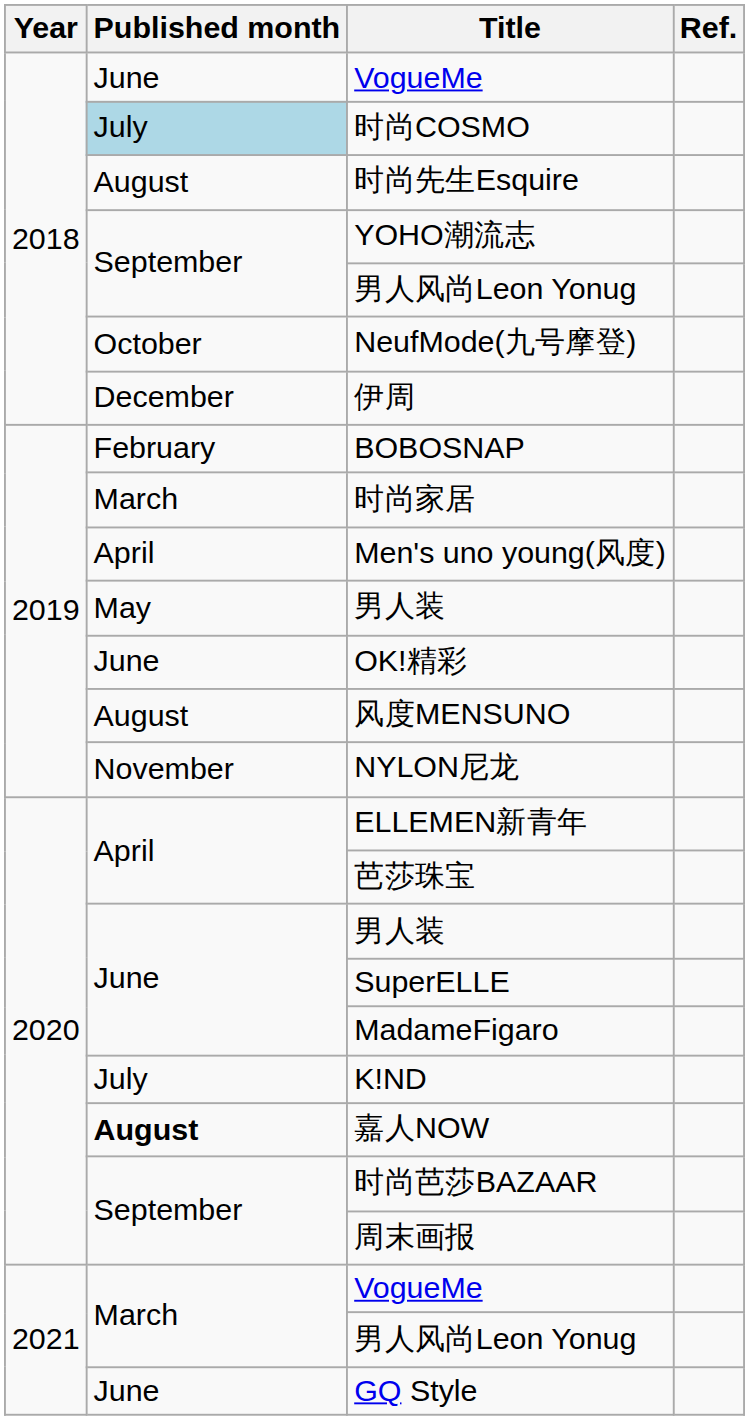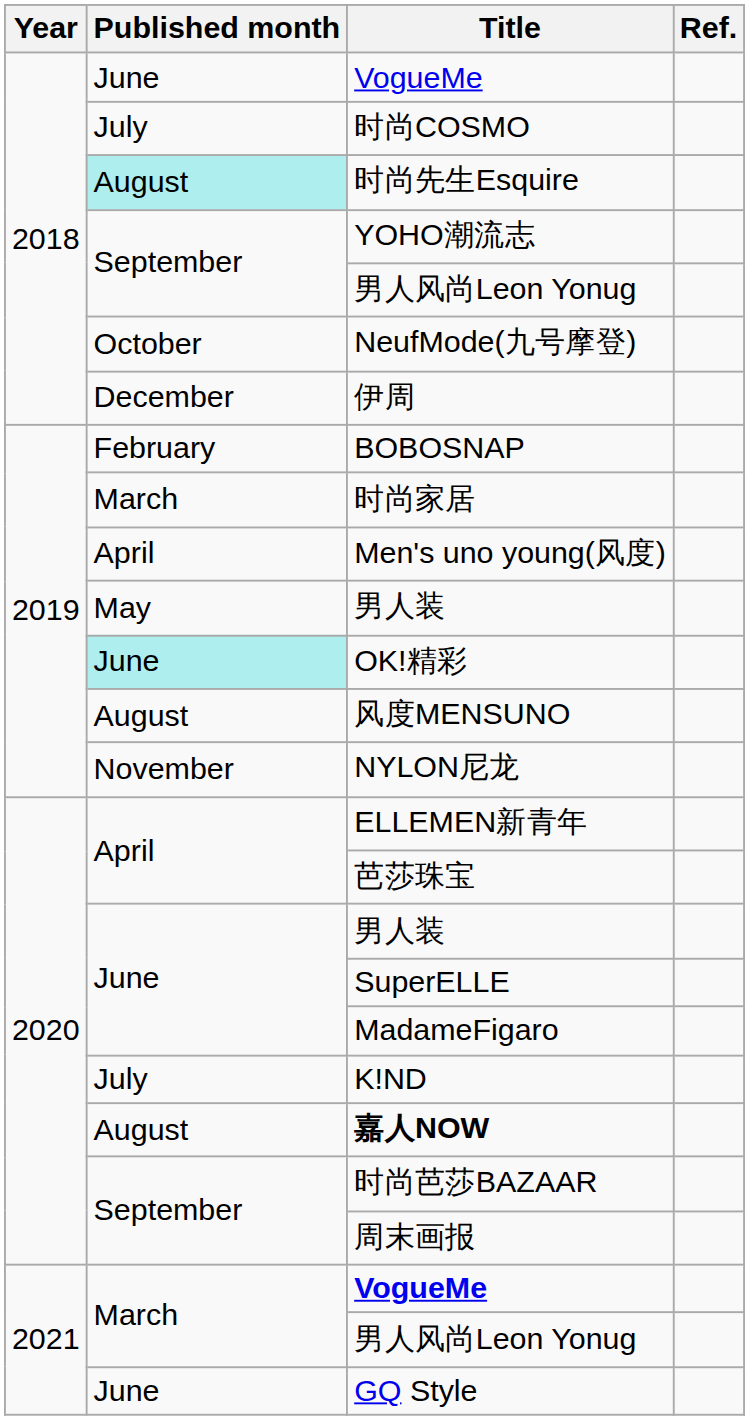 <table class="wikitable">
 <tr>
 <th>Year</th>
 <th>Published month</th>
 <th>Title</th>
 <th>Ref.</th>
 </tr>
 <tr>
 <td rowspan="7">2018</td>
 <td>June</td>
 <td><a href='#'>VogueMe</a></td>
 <td></td>
 </tr>
 <tr>
-<td style="background: lightblue;">July</td>
+<td>July</td>
 <td>时尚COSMO</td>
 <td></td>
 </tr>
 <tr>
-<td>August</td>
+<td style="background: paleturquoise;">August</td>
 <td>时尚先生Esquire</td>
 <td></td>
 </tr>
 <tr>
 <td rowspan="2">September</td>
 <td>YOHO潮流志</td>
 <td></td>
 </tr>
 <tr>
 <td>男人风尚Leon Yonug</td>
 <td></td>
 </tr>
 <tr>
 <td>October</td>
 <td>NeufMode(九号摩登)</td>
 <td></td>
 </tr>
 <tr>
 <td>December</td>
 <td>伊周</td>
 <td></td>
 </tr>
 <tr>
 <td rowspan="7">2019</td>
 <td>February</td>
 <td>BOBOSNAP</td>
 <td></td>
 </tr>
 <tr>
 <td>March</td>
 <td>时尚家居</td>
 <td></td>
 </tr>
 <tr>
 <td>April</td>
 <td>Men's uno young(风度)</td>
 <td></td>
 </tr>
 <tr>
 <td>May</td>
 <td>男人装</td>
 <td></td>
 </tr>
 <tr>
-<td>June</td>
+<td style="background: paleturquoise;">June</td>
 <td>OK!精彩</td>
 <td></td>
 </tr>
 <tr>
 <td>August</td>
 <td>风度MENSUNO</td>
 <td></td>
 </tr>
 <tr>
 <td>November</td>
 <td>NYLON尼龙</td>
 <td></td>
 </tr>
 <tr>
 <td rowspan="9">2020</td>
 <td rowspan="2">April</td>
 <td>ELLEMEN新青年</td>
 <td></td>
 </tr>
 <tr>
 <td>芭莎珠宝</td>
 <td></td>
 </tr>
 <tr>
 <td rowspan="3">June</td>
 <td>男人装</td>
 <td></td>
 </tr>
 <tr>
 <td>SuperELLE</td>
 <td></td>
 </tr>
 <tr>
 <td>MadameFigaro</td>
 <td></td>
 </tr>
 <tr>
 <td>July</td>
 <td>K!ND</td>
 <td></td>
 </tr>
 <tr>
-<td><strong>August</strong></td>
-<td>嘉人NOW</td>
+<td>August</td>
+<td><strong>嘉人NOW</strong></td>
 <td></td>
 </tr>
 <tr>
 <td rowspan="2">September</td>
 <td>时尚芭莎BAZAAR</td>
 <td></td>
 </tr>
 <tr>
 <td>周末画报</td>
 <td></td>
 </tr>
 <tr>
 <td rowspan="3">2021</td>
 <td rowspan="2">March</td>
-<td><a href='#'>VogueMe</a></td>
+<td><strong><a href='#'>VogueMe</a></strong></td>
 <td></td>
 </tr>
 <tr>
 <td>男人风尚Leon Yonug</td>
 <td></td>
 </tr>
 <tr>
 <td>June</td>
 <td><a href='#'>GQ</a> Style</td>
 <td></td>
 </tr>
 </table>
